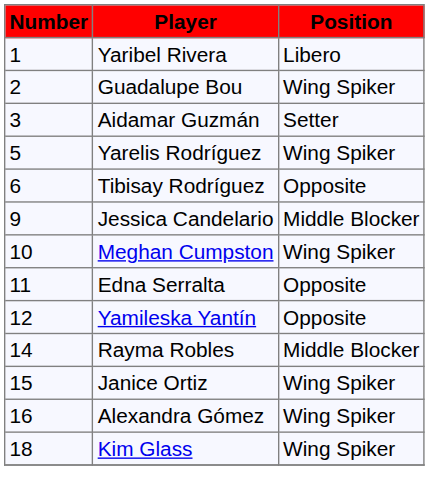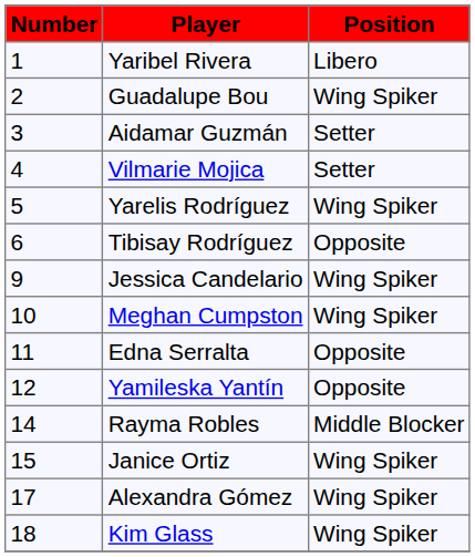 <table bgcolor="#f7f8ff" cellpadding="3" cellspacing="0" border="1" style="font-size: 95%; border: gray solid 1px; border-collapse: collapse;">
 <tr bgcolor="#ff0000">
 <td align=center><strong>Number</strong></td>
 <td align=center><strong>Player</strong></td>
 <td align=center><strong>Position</strong></td>
 </tr>
 <tr align="left">
 <td>1</td>
 <td> Yaribel Rivera</td>
 <td>Libero</td>
 </tr>
 <tr align=left>
 <td>2</td>
 <td> Guadalupe Bou</td>
 <td>Wing Spiker</td>
 </tr>
 <tr align="left">
 <td>3</td>
 <td> Aidamar Guzmán</td>
 <td>Setter</td>
 </tr>
 <tr align="left">
+<td>4</td>
+<td> <a href='#'>Vilmarie Mojica</a></td>
+<td>Setter</td>
+</tr>
+<tr align="left">
 <td>5</td>
 <td> Yarelis Rodríguez</td>
 <td>Wing Spiker</td>
 </tr>
 <tr align="left">
 <td>6</td>
 <td> Tibisay Rodríguez</td>
 <td>Opposite</td>
 </tr>
 <tr align="left">
 <td>9</td>
 <td> Jessica Candelario</td>
-<td>Middle Blocker</td>
+<td>Wing Spiker</td>
 </tr>
 <tr align="left">
 <td>10</td>
 <td> <a href='#'>Meghan Cumpston</a></td>
 <td>Wing Spiker</td>
 </tr>
 <tr align="left">
 <td>11</td>
 <td> Edna Serralta</td>
 <td>Opposite</td>
 </tr>
 <tr align="left">
 <td>12</td>
 <td> <a href='#'>Yamileska Yantín</a></td>
 <td>Opposite</td>
 </tr>
 <tr align="left">
 <td>14</td>
 <td> Rayma Robles</td>
 <td>Middle Blocker</td>
 </tr>
 <tr align="left">
 <td>15</td>
 <td> Janice Ortiz</td>
 <td>Wing Spiker</td>
 </tr>
 <tr align="left">
-<td>16</td>
+<td>17</td>
 <td> Alexandra Gómez</td>
 <td>Wing Spiker</td>
 </tr>
 <tr align="left">
 <td>18</td>
 <td> <a href='#'>Kim Glass</a></td>
 <td>Wing Spiker</td>
 </tr>
 <tr align="left">
 </tr>
 </table>
